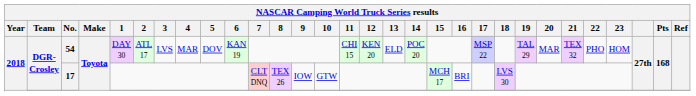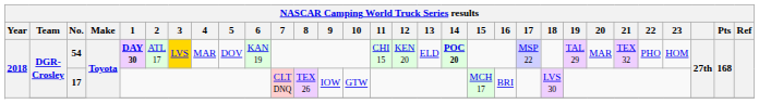 <table class="wikitable" style="text-align:center; font-size:75%">
 <tr>
 <th colspan=45><a href='#'>NASCAR Camping World Truck Series</a> results</th>
 </tr>
 <tr>
 <th>Year</th>
 <th>Team</th>
 <th>No.</th>
 <th>Make</th>
 <th>1</th>
 <th>2</th>
 <th>3</th>
 <th>4</th>
 <th>5</th>
 <th>6</th>
 <th>7</th>
 <th>8</th>
 <th>9</th>
 <th>10</th>
 <th>11</th>
 <th>12</th>
 <th>13</th>
 <th>14</th>
 <th>15</th>
 <th>16</th>
 <th>17</th>
 <th>18</th>
 <th>19</th>
 <th>20</th>
 <th>21</th>
 <th>22</th>
 <th>23</th>
 <th></th>
 <th>Pts</th>
 <th>Ref</th>
 </tr>
 <tr>
 <th rowspan=26><a href='#'>2018</a></th>
 <th rowspan=2><a href='#'>DGR-Crosley</a></th>
 <th>54</th>
 <th rowspan=10><a href='#'>Toyota</a></th>
-<td style="background:#EFCFFF;"><a href='#'>DAY</a><br><small>30</small></td>
+<td style="background:#EFCFFF;"><strong><a href='#'>DAY</a><br><small>30</small></strong></td>
 <td style="background:#DFFFDF;"><a href='#'>ATL</a><br><small>17</small></td>
-<td><a href='#'>LVS</a></td>
+<td style="background: gold;"><a href='#'>LVS</a></td>
 <td><a href='#'>MAR</a></td>
 <td><a href='#'>DOV</a></td>
 <td style="background:#DFFFDF;"><a href='#'>KAN</a><br><small>19</small></td>
 <td colspan=4></td>
 <td style="background:#DFFFDF;"><a href='#'>CHI</a><br><small>15</small></td>
 <td style="background:#DFFFDF;"><a href='#'>KEN</a><br><small>20</small></td>
 <td><a href='#'>ELD</a></td>
-<td style="background:#DFFFDF;"><a href='#'>POC</a><br><small>20</small></td>
+<td style="background:#DFFFDF;"><strong><a href='#'>POC</a><br><small>20</small></strong></td>
 <td colspan=2></td>
 <td style="background:#CFCFFF;"><a href='#'>MSP</a><br><small>22</small></td>
 <td></td>
 <td style="background:#EFCFFF;"><a href='#'>TAL</a><br><small>29</small></td>
 <td><a href='#'>MAR</a></td>
 <td style="background:#EFCFFF;"><a href='#'>TEX</a><br><small>32</small></td>
 <td><a href='#'>PHO</a></td>
 <td><a href='#'>HOM</a></td>
 <th rowspan=2>27th</th>
 <th rowspan=2>168</th>
 <th rowspan=2></th>
 </tr>
 <tr>
 <th>17</th>
 <td colspan=6></td>
 <td style="background:#FFCFCF;"><a href='#'>CLT</a><br><small>DNQ</small></td>
 <td style="background:#EFCFFF;"><a href='#'>TEX</a><br><small>26</small></td>
 <td><a href='#'>IOW</a></td>
 <td><a href='#'>GTW</a></td>
 <td colspan=4></td>
 <td style="background:#DFFFDF;"><a href='#'>MCH</a><br><small>17</small></td>
 <td><a href='#'>BRI</a></td>
 <td></td>
 <td style="background:#EFCFFF;"><a href='#'>LVS</a><br><small>30</small></td>
 <td colspan=5></td>
 </tr>
 <tr>
 </tr>
 </table>
